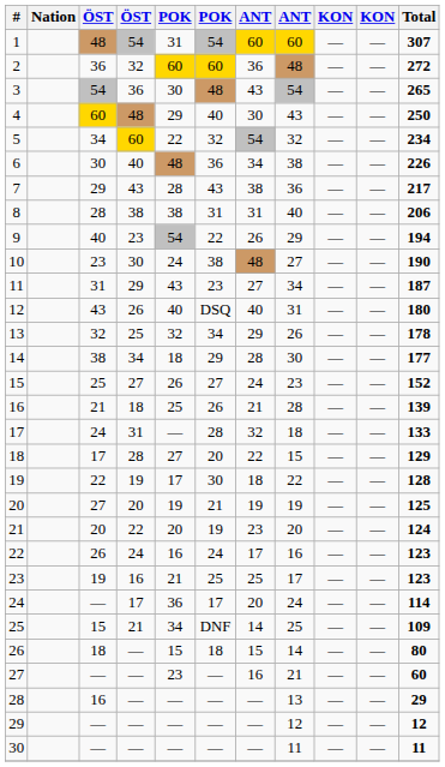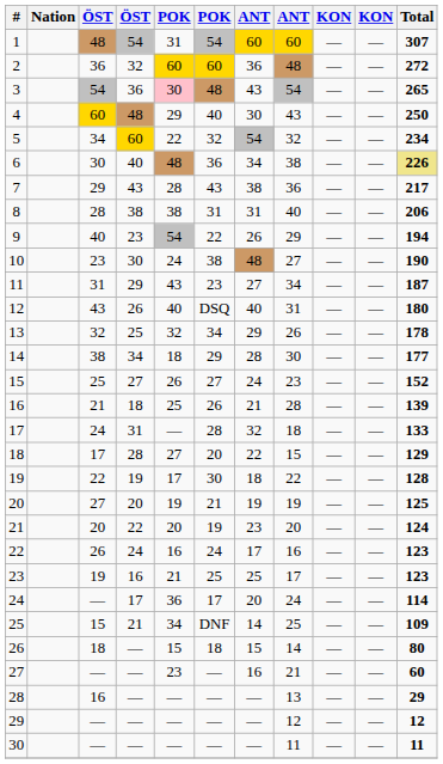 <table class="wikitable sortable" style="text-align:center;">
 <tr>
 <th>#</th>
 <th>Nation</th>
 <th><a href='#'>ÖST</a><br></th>
 <th><a href='#'>ÖST</a><br></th>
 <th><a href='#'>POK</a><br></th>
 <th><a href='#'>POK</a><br></th>
 <th><a href='#'>ANT</a><br></th>
 <th><a href='#'>ANT</a><br></th>
 <th><a href='#'>KON</a><br></th>
 <th><a href='#'>KON</a><br></th>
 <th><strong>Total</strong> </th>
 </tr>
 <tr>
 <td>1</td>
 <td align="left"></td>
 <td bgcolor="CC9966">48</td>
 <td bgcolor="silver">54</td>
 <td>31</td>
 <td bgcolor="silver">54</td>
 <td bgcolor="gold">60</td>
 <td bgcolor="gold">60</td>
 <td>—</td>
 <td>—</td>
 <td><strong>307</strong></td>
 </tr>
 <tr>
 <td>2</td>
 <td align="left"></td>
 <td>36</td>
 <td>32</td>
 <td bgcolor="gold">60</td>
 <td bgcolor="gold">60</td>
 <td>36</td>
 <td bgcolor="CC9966">48</td>
 <td>—</td>
 <td>—</td>
 <td><strong>272</strong></td>
 </tr>
 <tr>
 <td>3</td>
 <td align="left"></td>
 <td bgcolor="silver">54</td>
 <td>36</td>
-<td>30</td>
+<td style="background: pink;">30</td>
 <td bgcolor="CC9966">48</td>
 <td>43</td>
 <td bgcolor="silver">54</td>
 <td>—</td>
 <td>—</td>
 <td><strong>265</strong></td>
 </tr>
 <tr>
 <td>4</td>
 <td align="left"></td>
 <td bgcolor="gold">60</td>
 <td bgcolor="CC9966">48</td>
 <td>29</td>
 <td>40</td>
 <td>30</td>
 <td>43</td>
 <td>—</td>
 <td>—</td>
 <td><strong>250</strong></td>
 </tr>
 <tr>
 <td>5</td>
 <td align="left"></td>
 <td>34</td>
 <td bgcolor="gold">60</td>
 <td>22</td>
 <td>32</td>
 <td bgcolor="silver">54</td>
 <td>32</td>
 <td>—</td>
 <td>—</td>
 <td><strong>234</strong></td>
 </tr>
 <tr>
 <td>6</td>
 <td align="left"></td>
 <td>30</td>
 <td>40</td>
 <td bgcolor="CC9966">48</td>
 <td>36</td>
 <td>34</td>
 <td>38</td>
 <td>—</td>
 <td>—</td>
-<td><strong>226</strong></td>
+<td style="background: khaki;"><strong>226</strong></td>
 </tr>
 <tr>
 <td>7</td>
 <td align="left"></td>
 <td>29</td>
 <td>43</td>
 <td>28</td>
 <td>43</td>
 <td>38</td>
 <td>36</td>
 <td>—</td>
 <td>—</td>
 <td><strong>217</strong></td>
 </tr>
 <tr>
 <td>8</td>
 <td align="left"></td>
 <td>28</td>
 <td>38</td>
 <td>38</td>
 <td>31</td>
 <td>31</td>
 <td>40</td>
 <td>—</td>
 <td>—</td>
 <td><strong>206</strong></td>
 </tr>
 <tr>
 <td>9</td>
 <td align="left"></td>
 <td>40</td>
 <td>23</td>
 <td bgcolor="silver">54</td>
 <td>22</td>
 <td>26</td>
 <td>29</td>
 <td>—</td>
 <td>—</td>
 <td><strong>194</strong></td>
 </tr>
 <tr>
 <td>10</td>
 <td align="left"></td>
 <td>23</td>
 <td>30</td>
 <td>24</td>
 <td>38</td>
 <td bgcolor="CC9966">48</td>
 <td>27</td>
 <td>—</td>
 <td>—</td>
 <td><strong>190</strong></td>
 </tr>
 <tr>
 <td>11</td>
 <td align="left"></td>
 <td>31</td>
 <td>29</td>
 <td>43</td>
 <td>23</td>
 <td>27</td>
 <td>34</td>
 <td>—</td>
 <td>—</td>
 <td><strong>187</strong></td>
 </tr>
 <tr>
 <td>12</td>
 <td align="left"></td>
 <td>43</td>
 <td>26</td>
 <td>40</td>
 <td>DSQ</td>
 <td>40</td>
 <td>31</td>
 <td>—</td>
 <td>—</td>
 <td><strong>180</strong></td>
 </tr>
 <tr>
 <td>13</td>
 <td align="left"></td>
 <td>32</td>
 <td>25</td>
 <td>32</td>
 <td>34</td>
 <td>29</td>
 <td>26</td>
 <td>—</td>
 <td>—</td>
 <td><strong>178</strong></td>
 </tr>
 <tr>
 <td>14</td>
 <td align="left"></td>
 <td>38</td>
 <td>34</td>
 <td>18</td>
 <td>29</td>
 <td>28</td>
 <td>30</td>
 <td>—</td>
 <td>—</td>
 <td><strong>177</strong></td>
 </tr>
 <tr>
 <td>15</td>
 <td align="left"></td>
 <td>25</td>
 <td>27</td>
 <td>26</td>
 <td>27</td>
 <td>24</td>
 <td>23</td>
 <td>—</td>
 <td>—</td>
 <td><strong>152</strong></td>
 </tr>
 <tr>
 <td>16</td>
 <td align="left"></td>
 <td>21</td>
 <td>18</td>
 <td>25</td>
 <td>26</td>
 <td>21</td>
 <td>28</td>
 <td>—</td>
 <td>—</td>
 <td><strong>139</strong></td>
 </tr>
 <tr>
 <td>17</td>
 <td align="left"></td>
 <td>24</td>
 <td>31</td>
 <td>—</td>
 <td>28</td>
 <td>32</td>
 <td>18</td>
 <td>—</td>
 <td>—</td>
 <td><strong>133</strong></td>
 </tr>
 <tr>
 <td>18</td>
 <td align="left"></td>
 <td>17</td>
 <td>28</td>
 <td>27</td>
 <td>20</td>
 <td>22</td>
 <td>15</td>
 <td>—</td>
 <td>—</td>
 <td><strong>129</strong></td>
 </tr>
 <tr>
 <td>19</td>
 <td align="left"></td>
 <td>22</td>
 <td>19</td>
 <td>17</td>
 <td>30</td>
 <td>18</td>
 <td>22</td>
 <td>—</td>
 <td>—</td>
 <td><strong>128</strong></td>
 </tr>
 <tr>
 <td>20</td>
 <td align="left"></td>
 <td>27</td>
 <td>20</td>
 <td>19</td>
 <td>21</td>
 <td>19</td>
 <td>19</td>
 <td>—</td>
 <td>—</td>
 <td><strong>125</strong></td>
 </tr>
 <tr>
 <td>21</td>
 <td align="left"></td>
 <td>20</td>
 <td>22</td>
 <td>20</td>
 <td>19</td>
 <td>23</td>
 <td>20</td>
 <td>—</td>
 <td>—</td>
 <td><strong>124</strong></td>
 </tr>
 <tr>
 <td>22</td>
 <td align="left"></td>
 <td>26</td>
 <td>24</td>
 <td>16</td>
 <td>24</td>
 <td>17</td>
 <td>16</td>
 <td>—</td>
 <td>—</td>
 <td><strong>123</strong></td>
 </tr>
 <tr>
 <td>23</td>
 <td align="left"></td>
 <td>19</td>
 <td>16</td>
 <td>21</td>
 <td>25</td>
 <td>25</td>
 <td>17</td>
 <td>—</td>
 <td>—</td>
 <td><strong>123</strong></td>
 </tr>
 <tr>
 <td>24</td>
 <td align="left"></td>
 <td>—</td>
 <td>17</td>
 <td>36</td>
 <td>17</td>
 <td>20</td>
 <td>24</td>
 <td>—</td>
 <td>—</td>
 <td><strong>114</strong></td>
 </tr>
 <tr>
 <td>25</td>
 <td align="left"></td>
 <td>15</td>
 <td>21</td>
 <td>34</td>
 <td>DNF</td>
 <td>14</td>
 <td>25</td>
 <td>—</td>
 <td>—</td>
 <td><strong>109</strong></td>
 </tr>
 <tr>
 <td>26</td>
 <td align="left"></td>
 <td>18</td>
 <td>—</td>
 <td>15</td>
 <td>18</td>
 <td>15</td>
 <td>14</td>
 <td>—</td>
 <td>—</td>
 <td><strong>80</strong></td>
 </tr>
 <tr>
 <td>27</td>
 <td align="left"></td>
 <td>—</td>
 <td>—</td>
 <td>23</td>
 <td>—</td>
 <td>16</td>
 <td>21</td>
 <td>—</td>
 <td>—</td>
 <td><strong>60</strong></td>
 </tr>
 <tr>
 <td>28</td>
 <td align="left"></td>
 <td>16</td>
 <td>—</td>
 <td>—</td>
 <td>—</td>
 <td>—</td>
 <td>13</td>
 <td>—</td>
 <td>—</td>
 <td><strong>29</strong></td>
 </tr>
 <tr>
 <td>29</td>
 <td align="left"></td>
 <td>—</td>
 <td>—</td>
 <td>—</td>
 <td>—</td>
 <td>—</td>
 <td>12</td>
 <td>—</td>
 <td>—</td>
 <td><strong>12</strong></td>
 </tr>
 <tr>
 <td>30</td>
 <td align="left"></td>
 <td>—</td>
 <td>—</td>
 <td>—</td>
 <td>—</td>
 <td>—</td>
 <td>11</td>
 <td>—</td>
 <td>—</td>
 <td><strong>11</strong></td>
 </tr>
 <tr>
 </tr>
 </table>
